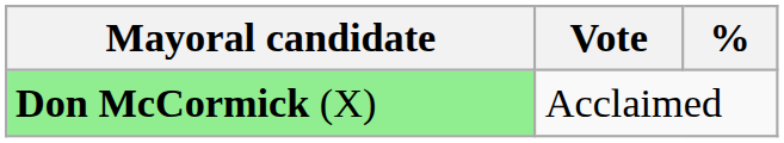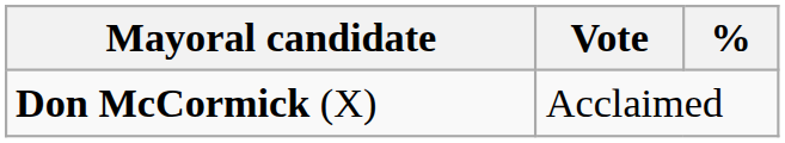 <table class="wikitable">
 <tr>
 <th width="200px">Mayoral candidate</th>
 <th width="50px">Vote</th>
 <th width="30px">%</th>
 </tr>
 <tr>
-<td style="background: lightgreen;"><strong>Don McCormick</strong> (X) </td>
+<td><strong>Don McCormick</strong> (X) </td>
 <td colspan="2">Acclaimed</td>
 </tr>
 </table>
